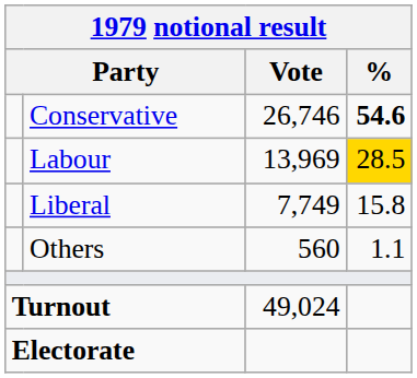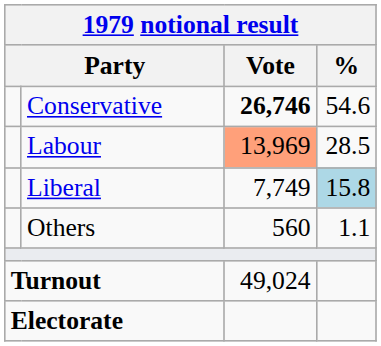 <table class="wikitable">
 <tr>
 <th colspan="4"><a href='#'>1979</a> <a href='#'>notional result</a></th>
 </tr>
 <tr>
 <th bgcolor="#DDDDFF" width="130px" colspan="2">Party</th>
 <th bgcolor="#DDDDFF" width="50px">Vote</th>
 <th bgcolor="#DDDDFF" width="30px">%</th>
 </tr>
 <tr>
 <td></td>
 <td><a href='#'>Conservative</a></td>
-<td align=right>26,746</td>
-<td align=right><strong>54.6</strong></td>
+<td align=right><strong>26,746</strong></td>
+<td align=right>54.6</td>
 </tr>
 <tr>
 <td></td>
 <td><a href='#'>Labour</a></td>
-<td align=right>13,969</td>
-<td align=right style="background: gold;">28.5</td>
+<td align=right style="background: lightsalmon;">13,969</td>
+<td align=right>28.5</td>
 </tr>
 <tr>
 <td></td>
 <td><a href='#'>Liberal</a></td>
 <td align=right>7,749</td>
-<td align=right>15.8</td>
+<td align=right style="background: lightblue;">15.8</td>
 </tr>
 <tr>
 <td></td>
 <td>Others</td>
 <td align=right>560</td>
 <td align=right>1.1</td>
 </tr>
 <tr>
 <td colspan="4" bgcolor="#EAECF0"></td>
 </tr>
 <tr>
 <td colspan="2"><strong>Turnout</strong></td>
 <td align=right>49,024</td>
 <td align=right></td>
 </tr>
 <tr>
 <td colspan="2"><strong>Electorate</strong></td>
 <td align=right></td>
 </tr>
 </table>
